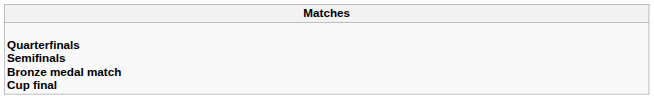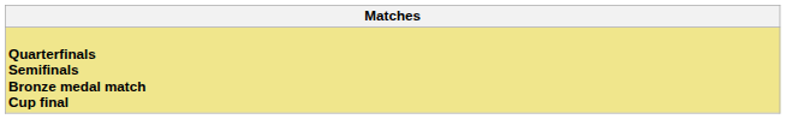 <table class="wikitable collapsible collapsed" style="width:100%;">
 <tr>
 <th>Matches</th>
 </tr>
 <tr>
-<td><br><strong>Quarterfinals</strong>    <br><strong>Semifinals</strong>  <br><strong>Bronze medal match</strong> <br><strong>Cup final</strong> </td>
+<td style="background: khaki;"><br><strong>Quarterfinals</strong>    <br><strong>Semifinals</strong>  <br><strong>Bronze medal match</strong> <br><strong>Cup final</strong> </td>
 </tr>
 </table>
